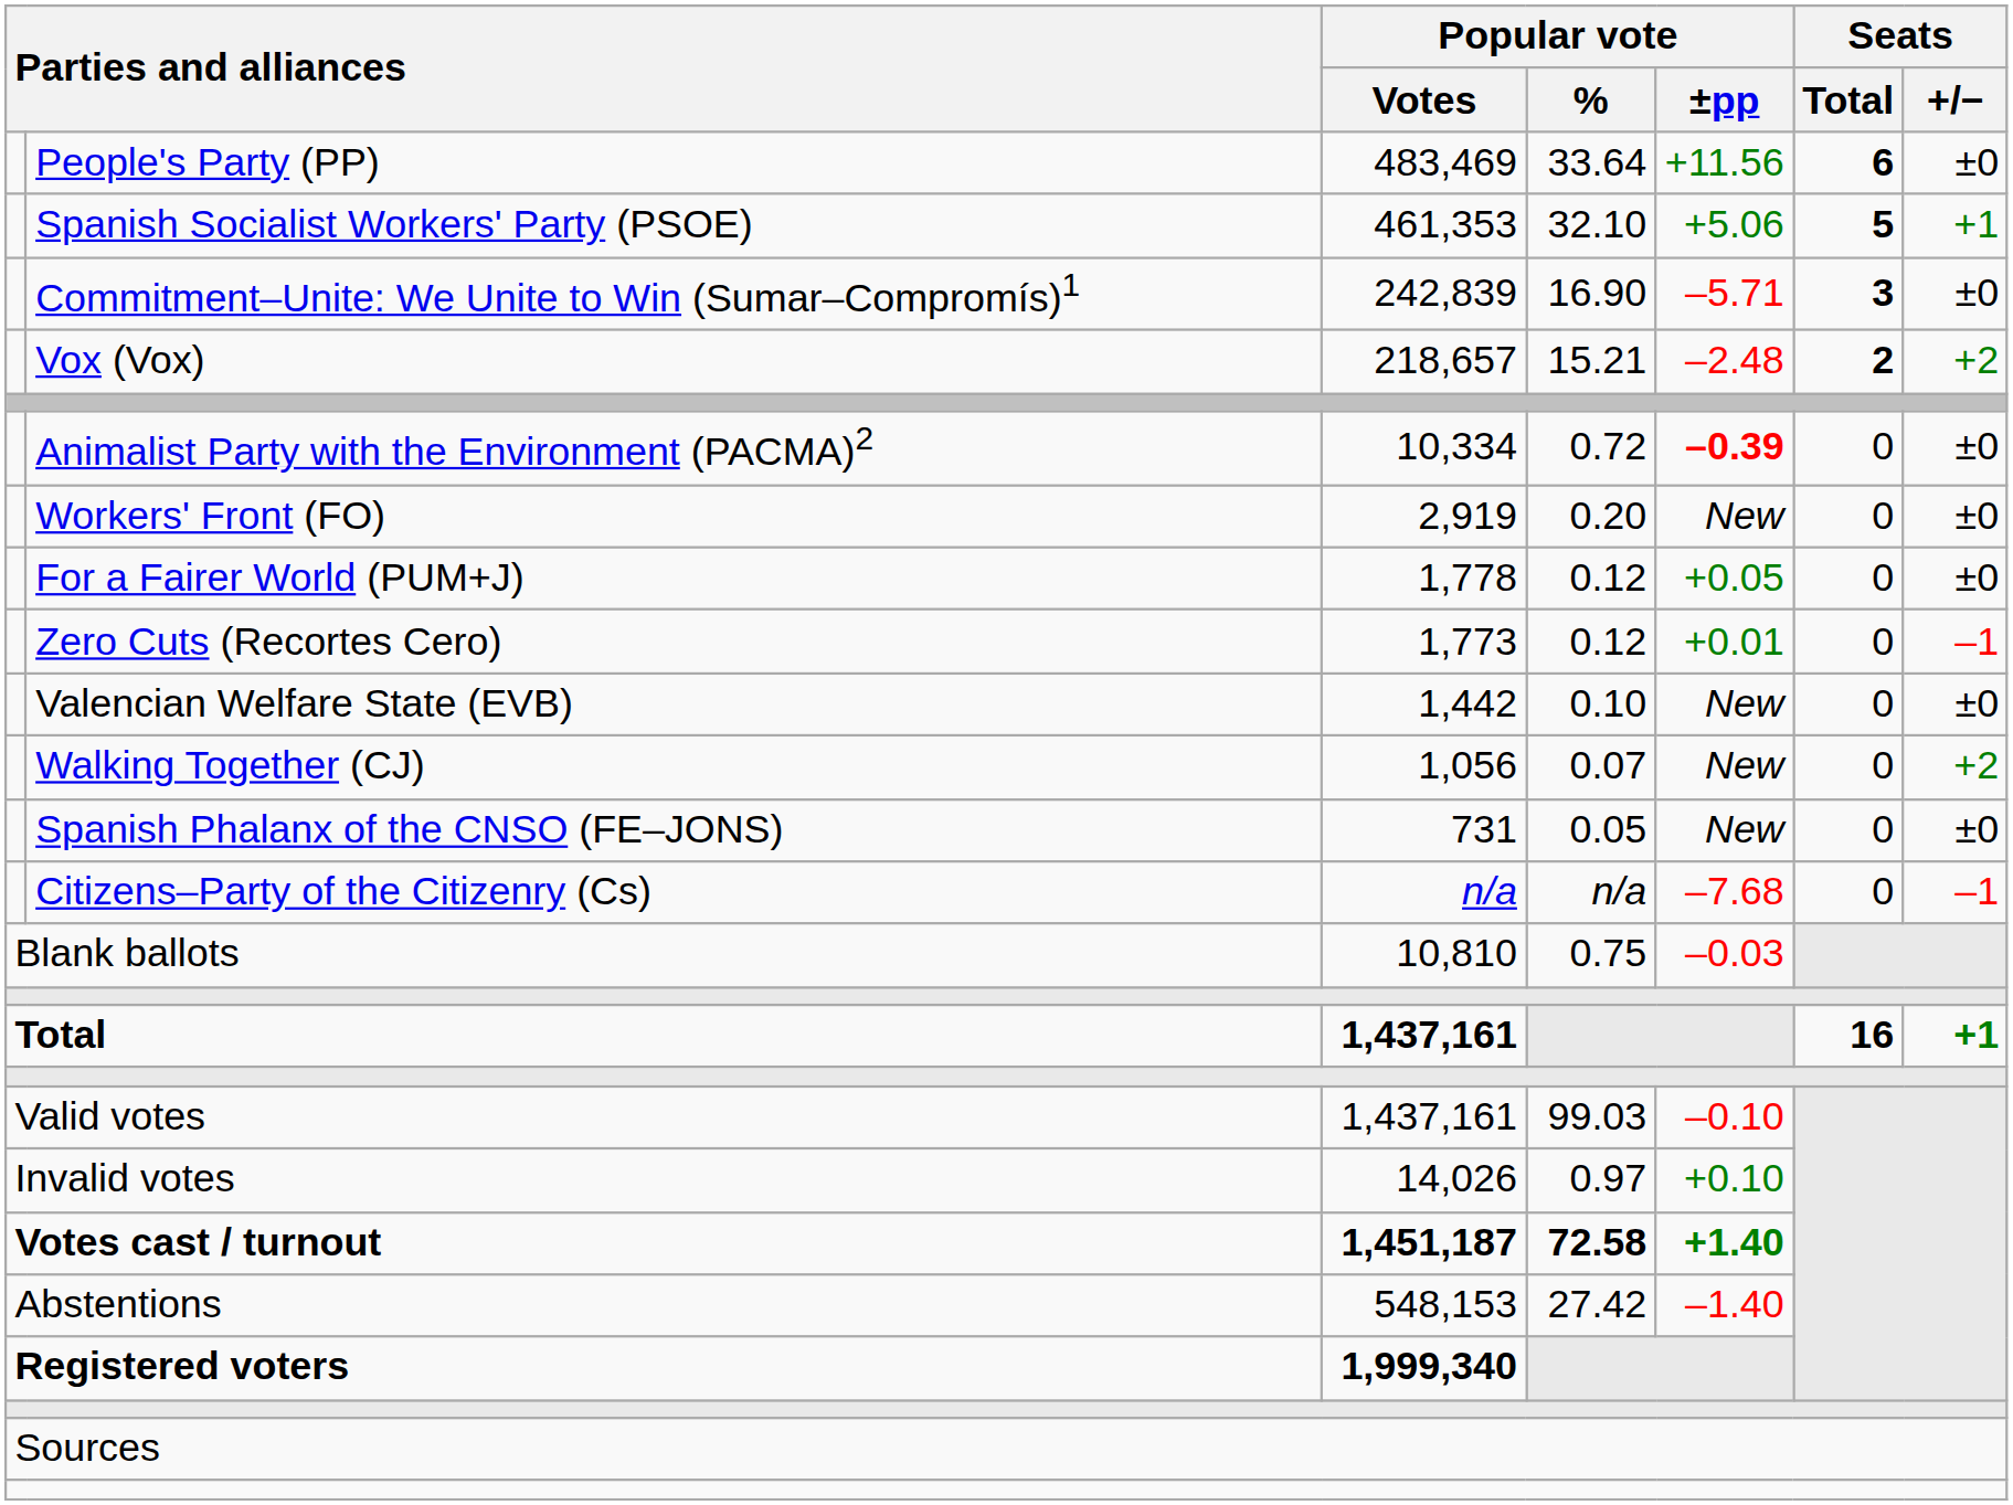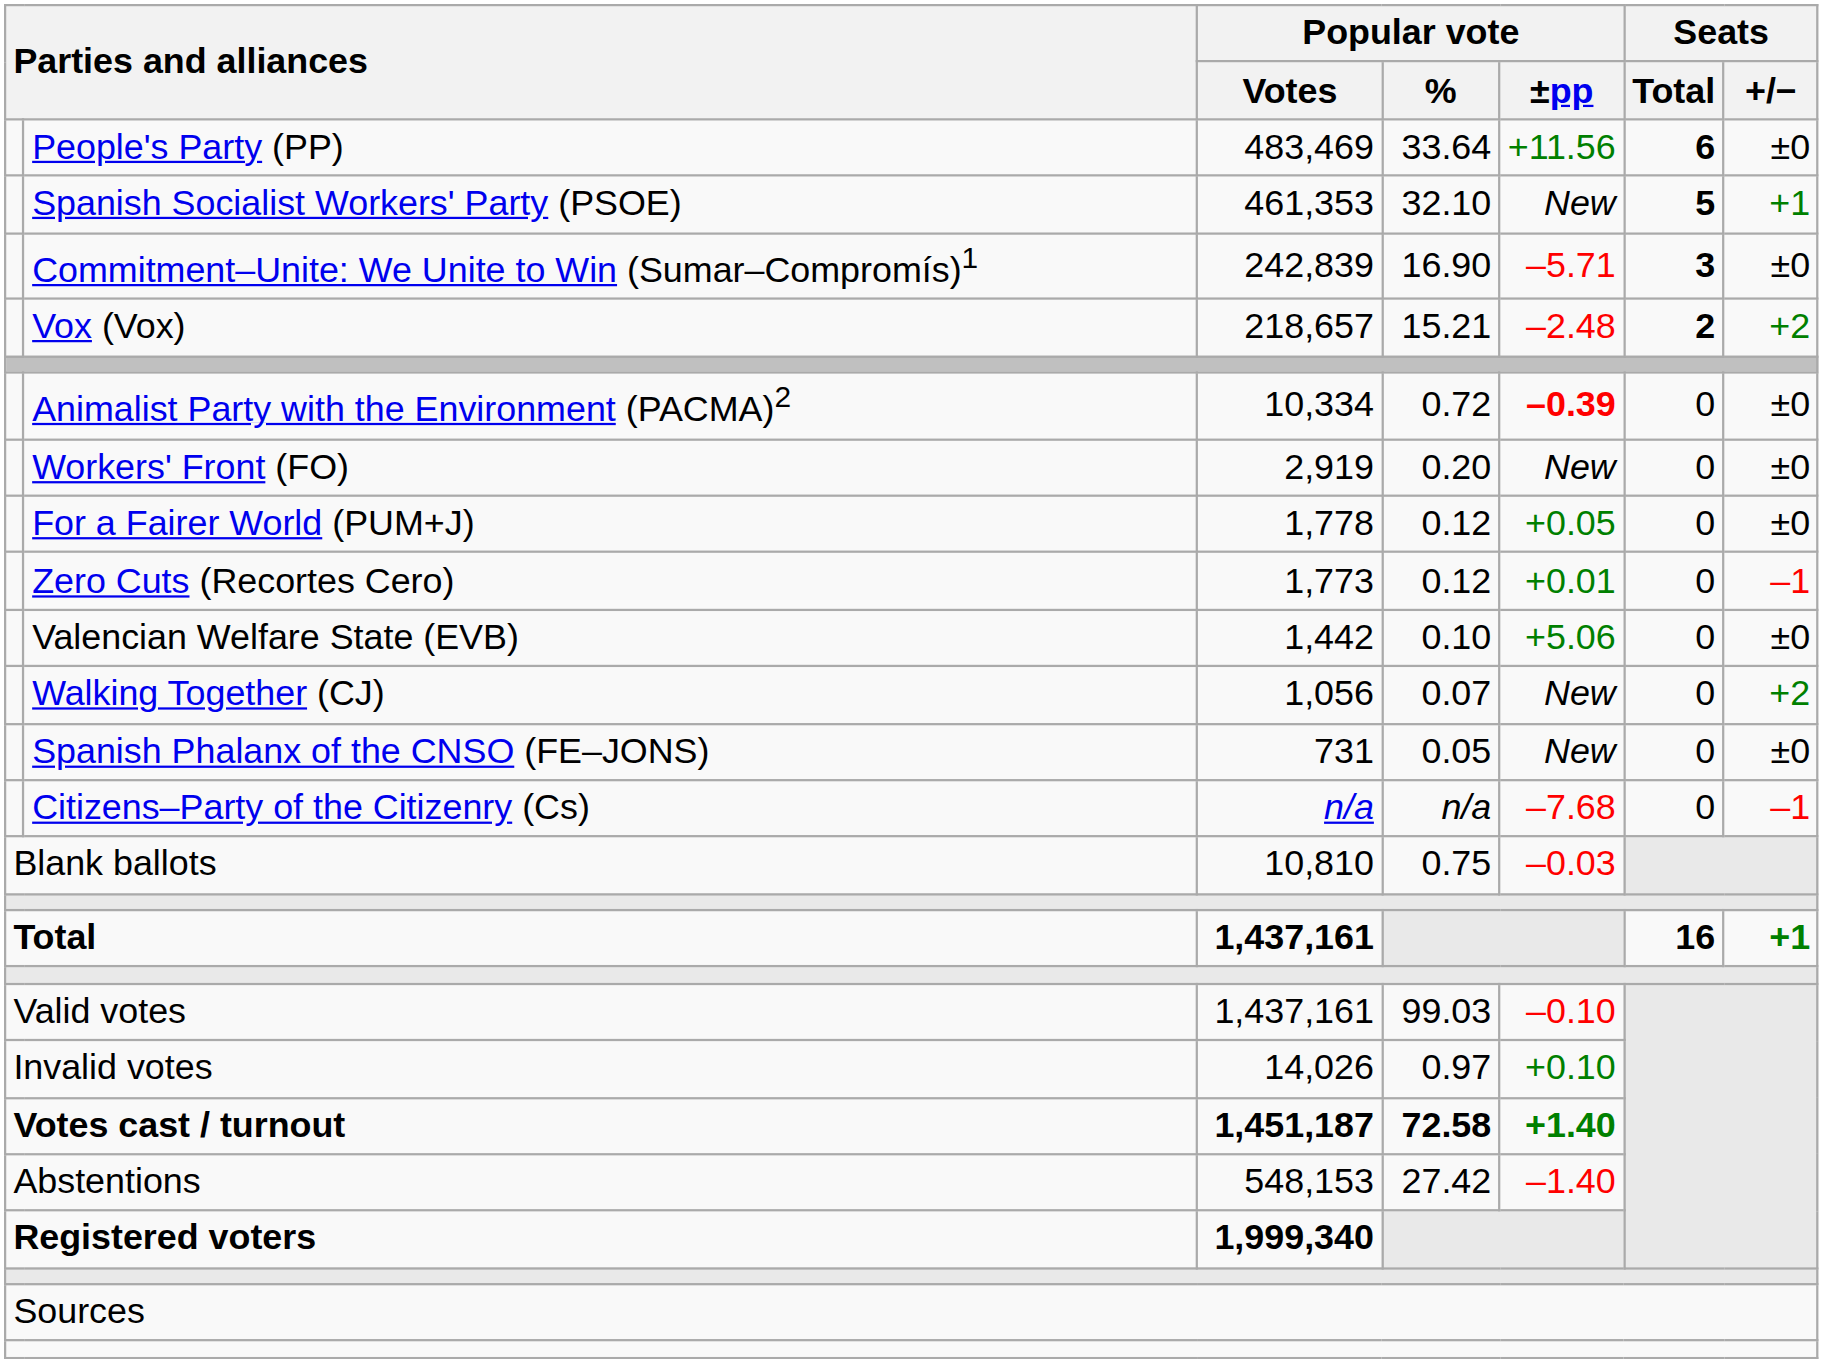 <table class="wikitable" style="text-align:right;">
 <tr>
 <th style="text-align:left;" rowspan="2" colspan="2" width="525">Parties and alliances</th>
 <th colspan="3">Popular vote</th>
 <th colspan="2">Seats</th>
 </tr>
 <tr>
 <th width="75">Votes</th>
 <th width="45">%</th>
 <th width="45">±<a href='#'>pp</a></th>
 <th width="35">Total</th>
 <th width="35">+/−</th>
 </tr>
 <tr>
 <td width="1" style="color:inherit;background:"></td>
 <td align="left"><a href='#'>People's Party</a> (PP)</td>
 <td>483,469</td>
 <td>33.64</td>
 <td style="color:green;">+11.56</td>
 <td><strong>6</strong></td>
 <td>±0</td>
 </tr>
 <tr>
 <td style="color:inherit;background:"></td>
 <td align="left"><a href='#'>Spanish Socialist Workers' Party</a> (PSOE)</td>
 <td>461,353</td>
 <td>32.10</td>
-<td style="color:green;">+5.06</td>
+<td><em>New</em></td>
 <td><strong>5</strong></td>
 <td style="color:green;">+1</td>
 </tr>
 <tr>
 <td style="color:inherit;background:"></td>
 <td align="left"><a href='#'>Commitment–Unite: We Unite to Win</a> (Sumar–Compromís)<sup>1</sup></td>
 <td>242,839</td>
 <td>16.90</td>
 <td style="color:red;">–5.71</td>
 <td><strong>3</strong></td>
 <td>±0</td>
 </tr>
 <tr>
 <td style="color:inherit;background:"></td>
 <td align="left"><a href='#'>Vox</a> (Vox)</td>
 <td>218,657</td>
 <td>15.21</td>
 <td style="color:red;">–2.48</td>
 <td><strong>2</strong></td>
 <td style="color:green;">+2</td>
 </tr>
 <tr>
 <td colspan="7" bgcolor="#C0C0C0"></td>
 </tr>
 <tr>
 <td style="color:inherit;background:"></td>
 <td align="left"><a href='#'>Animalist Party with the Environment</a> (PACMA)<sup>2</sup></td>
 <td>10,334</td>
 <td>0.72</td>
 <td style="color:red;"><strong>–0.39</strong></td>
 <td>0</td>
 <td>±0</td>
 </tr>
 <tr>
 <td style="color:inherit;background:"></td>
 <td align="left"><a href='#'>Workers' Front</a> (FO)</td>
 <td>2,919</td>
 <td>0.20</td>
 <td><em>New</em></td>
 <td>0</td>
 <td>±0</td>
 </tr>
 <tr>
 <td style="color:inherit;background:"></td>
 <td align="left"><a href='#'>For a Fairer World</a> (PUM+J)</td>
 <td>1,778</td>
 <td>0.12</td>
 <td style="color:green;">+0.05</td>
 <td>0</td>
 <td>±0</td>
 </tr>
 <tr>
 <td style="color:inherit;background:"></td>
 <td align="left"><a href='#'>Zero Cuts</a> (Recortes Cero)</td>
 <td>1,773</td>
 <td>0.12</td>
 <td style="color:green;">+0.01</td>
 <td>0</td>
 <td style="color:red;">–1</td>
 </tr>
 <tr>
 <td style="color:inherit;background:"></td>
 <td align="left">Valencian Welfare State (EVB)</td>
 <td>1,442</td>
 <td>0.10</td>
-<td><em>New</em></td>
+<td style="color:green;">+5.06</td>
 <td>0</td>
 <td>±0</td>
 </tr>
 <tr>
 <td style="color:inherit;background:"></td>
 <td align="left"><a href='#'>Walking Together</a> (CJ)</td>
 <td>1,056</td>
 <td>0.07</td>
 <td><em>New</em></td>
 <td>0</td>
 <td style="color:green;">+2</td>
 </tr>
 <tr>
 <td style="color:inherit;background:"></td>
 <td align="left"><a href='#'>Spanish Phalanx of the CNSO</a> (FE–JONS)</td>
 <td>731</td>
 <td>0.05</td>
 <td><em>New</em></td>
 <td>0</td>
 <td>±0</td>
 </tr>
 <tr>
 <td style="color:inherit;background:"></td>
 <td align="left"><a href='#'>Citizens–Party of the Citizenry</a> (Cs)</td>
 <td><em><a href='#'>n/a</a></em></td>
 <td><em>n/a</em></td>
 <td style="color:red;">–7.68</td>
 <td>0</td>
 <td style="color:red;">–1</td>
 </tr>
 <tr>
 <td align="left" colspan="2">Blank ballots</td>
 <td>10,810</td>
 <td>0.75</td>
 <td style="color:red;">–0.03</td>
 <td bgcolor="#E9E9E9" colspan="2"></td>
 </tr>
 <tr>
 <td colspan="7" bgcolor="#E9E9E9"></td>
 </tr>
 <tr style="font-weight:bold;">
 <td align="left" colspan="2">Total</td>
 <td>1,437,161</td>
 <td bgcolor="#E9E9E9" colspan="2"></td>
 <td>16</td>
 <td style="color:green;">+1</td>
 </tr>
 <tr>
 <td colspan="7" bgcolor="#E9E9E9"></td>
 </tr>
 <tr>
 <td align="left" colspan="2">Valid votes</td>
 <td>1,437,161</td>
 <td>99.03</td>
 <td style="color:red;">–0.10</td>
 <td bgcolor="#E9E9E9" colspan="2" rowspan="5"></td>
 </tr>
 <tr>
 <td align="left" colspan="2">Invalid votes</td>
 <td>14,026</td>
 <td>0.97</td>
 <td style="color:green;">+0.10</td>
 </tr>
 <tr style="font-weight:bold;">
 <td align="left" colspan="2">Votes cast / turnout</td>
 <td>1,451,187</td>
 <td>72.58</td>
 <td style="color:green;">+1.40</td>
 </tr>
 <tr>
 <td align="left" colspan="2">Abstentions</td>
 <td>548,153</td>
 <td>27.42</td>
 <td style="color:red;">–1.40</td>
 </tr>
 <tr style="font-weight:bold;">
 <td align="left" colspan="2">Registered voters</td>
 <td>1,999,340</td>
 <td bgcolor="#E9E9E9" colspan="2"></td>
 </tr>
 <tr>
 <td colspan="7" bgcolor="#E9E9E9"></td>
 </tr>
 <tr>
 <td align="left" colspan="7">Sources</td>
 </tr>
 <tr>
 <td colspan="7" style="text-align:left; max-width:790px;"></td>
 </tr>
 </table>
